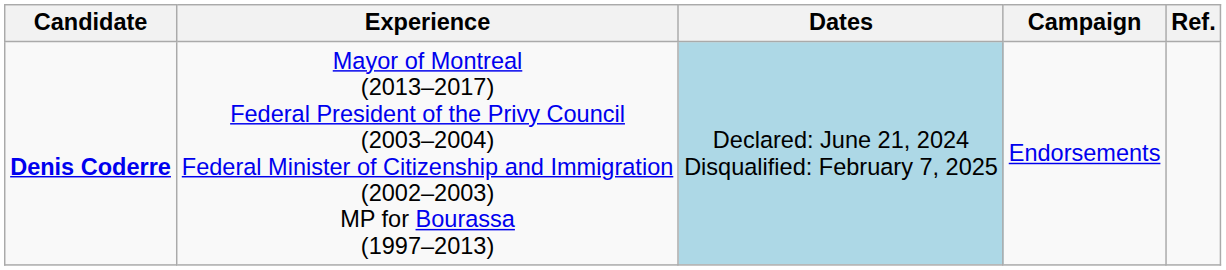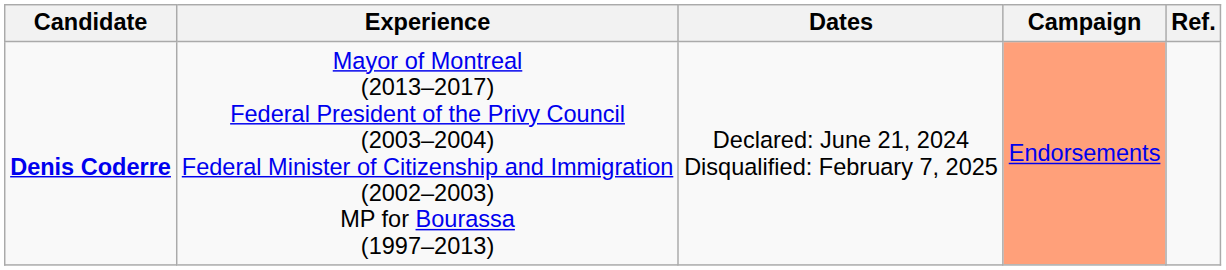 <table class="wikitable sortable" style="text-align:center;">
 <tr>
 <th scope="col" colspan=2>Candidate</th>
 <th scope="col" class="unsortable">Experience</th>
 <th scope="col">Dates</th>
 <th scope="col">Campaign</th>
 <th scope="col">Ref.</th>
 </tr>
 <tr>
 <td scope="row" colspan=2 data-sort-value="Coderre, Denis"><br><strong><a href='#'>Denis Coderre</a></strong></td>
 <td><a href='#'>Mayor of Montreal</a><br>(2013–2017)<br><a href='#'>Federal President of the Privy Council</a><br>(2003–2004)<br><a href='#'>Federal Minister of Citizenship and Immigration</a><br>(2002–2003)<br>MP for <a href='#'>Bourassa</a><br>(1997–2013)</td>
-<td style="background: lightblue;">Declared: June 21, 2024<br>Disqualified: February 7, 2025</td>
-<td><a href='#'>Endorsements</a></td>
+<td>Declared: June 21, 2024<br>Disqualified: February 7, 2025</td>
+<td style="background: lightsalmon;"><a href='#'>Endorsements</a></td>
 <td></td>
 </tr>
 </table>
